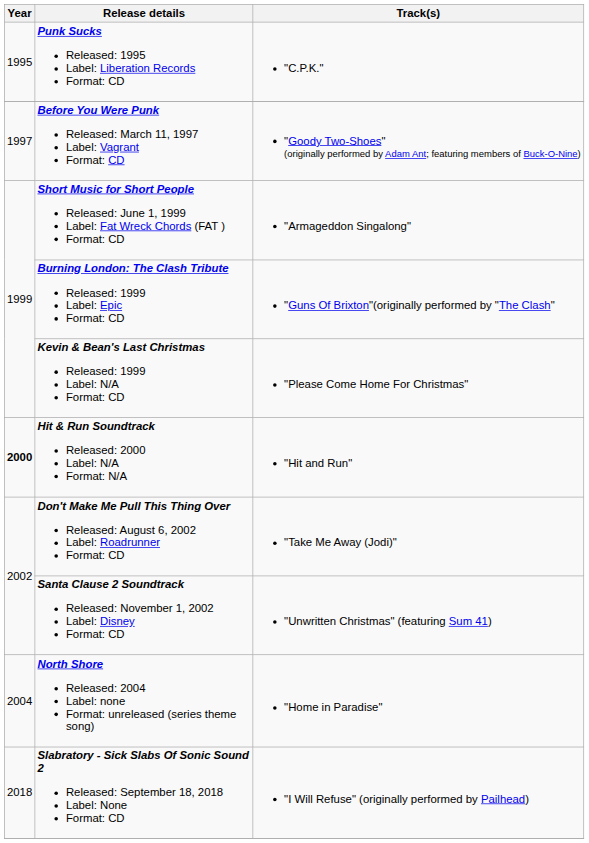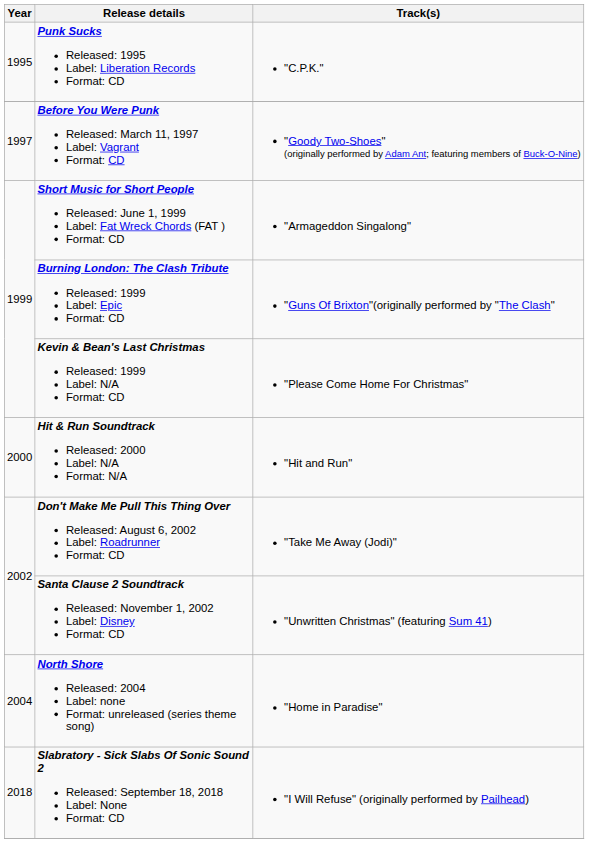 <table class ="wikitable">
 <tr>
 <th>Year</th>
 <th width="300">Release details</th>
 <th>Track(s)</th>
 </tr>
 <tr>
 <td>1995</td>
 <td><strong><em><a href='#'>Punk Sucks</a></em></strong><br><ul><li>Released: 1995</li><li>Label: <a href='#'>Liberation Records</a></li><li>Format: CD</li></ul></td>
 <td><br><ul><li>"C.P.K."</li></ul></td>
 </tr>
 <tr>
 </tr>
 <tr>
 <td>1997</td>
 <td><strong><em><a href='#'>Before You Were Punk</a></em></strong><br><ul><li>Released: March 11, 1997</li><li>Label: <a href='#'>Vagrant</a></li><li>Format: <a href='#'>CD</a></li></ul></td>
 <td><br><ul><li>"<a href='#'>Goody Two-Shoes</a>"<br><small>(originally performed by <a href='#'>Adam Ant</a>; featuring members of <a href='#'>Buck-O-Nine</a>)</small></li></ul></td>
 </tr>
 <tr>
 <td rowspan="3">1999</td>
 <td><strong><em><a href='#'>Short Music for Short People</a></em></strong><br><ul><li>Released: June 1, 1999</li><li>Label: <a href='#'>Fat Wreck Chords</a> (FAT )</li><li>Format: CD</li></ul></td>
 <td><br><ul><li>"Armageddon Singalong"</li></ul></td>
 </tr>
 <tr>
 <td><strong><em><a href='#'>Burning London: The Clash Tribute</a></em></strong><br><ul><li>Released: 1999</li><li>Label: <a href='#'>Epic</a></li><li>Format: CD</li></ul></td>
 <td><br><ul><li>"<a href='#'>Guns Of Brixton</a>"(originally performed by "<a href='#'>The Clash</a>"</li></ul></td>
 </tr>
 <tr>
 <td><strong><em>Kevin & Bean's Last Christmas</em></strong><br><ul><li>Released: 1999</li><li>Label: N/A</li><li>Format: CD</li></ul></td>
 <td><br><ul><li>"Please Come Home For Christmas"</li></ul></td>
 </tr>
 <tr>
-<td><strong>2000</strong></td>
+<td>2000</td>
 <td><strong><em>Hit & Run Soundtrack</em></strong><br><ul><li>Released: 2000</li><li>Label: N/A</li><li>Format: N/A</li></ul></td>
 <td><br><ul><li>"Hit and Run"</li></ul></td>
 </tr>
 <tr>
 <td rowspan="2">2002</td>
 <td><strong><em>Don't Make Me Pull This Thing Over</em></strong><br><ul><li>Released: August 6, 2002</li><li>Label: <a href='#'>Roadrunner</a></li><li>Format: CD</li></ul></td>
 <td><br><ul><li>"Take Me Away (Jodi)"</li></ul></td>
 </tr>
 <tr>
 <td><strong><em>Santa Clause 2 Soundtrack</em></strong><br><ul><li>Released: November 1, 2002</li><li>Label: <a href='#'>Disney</a></li><li>Format: CD</li></ul></td>
 <td><br><ul><li>"Unwritten Christmas" (featuring <a href='#'>Sum 41</a>)</li></ul></td>
 </tr>
 <tr>
 <td>2004</td>
 <td><strong><em><a href='#'>North Shore</a></em></strong><br><ul><li>Released: 2004</li><li>Label: none</li><li>Format: unreleased (series theme song)</li></ul></td>
 <td><br><ul><li>"Home in Paradise"</li></ul></td>
 </tr>
 <tr>
 <td>2018</td>
 <td><strong><em>Slabratory - Sick Slabs Of Sonic Sound 2</em></strong><br><ul><li>Released: September 18, 2018</li><li>Label: None</li><li>Format: CD</li></ul></td>
 <td><br><ul><li>"I Will Refuse" (originally performed by <a href='#'>Pailhead</a>)</li></ul></td>
 </tr>
 <tr>
 </tr>
 </table>
